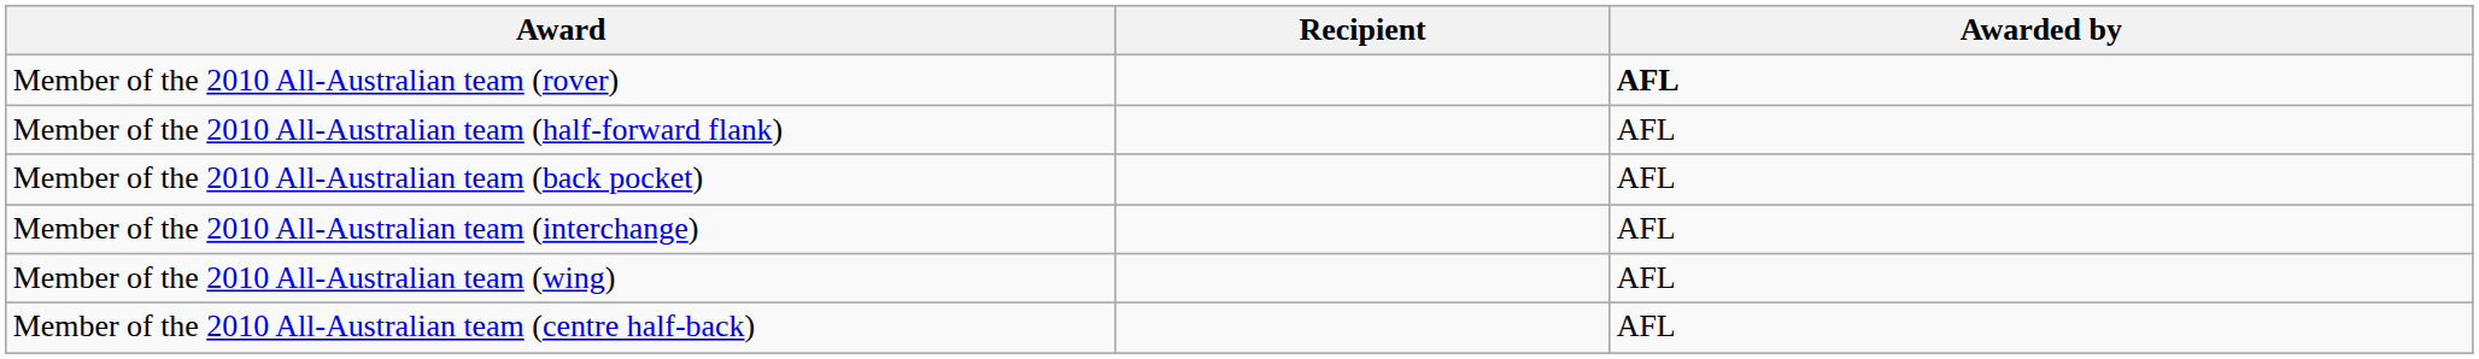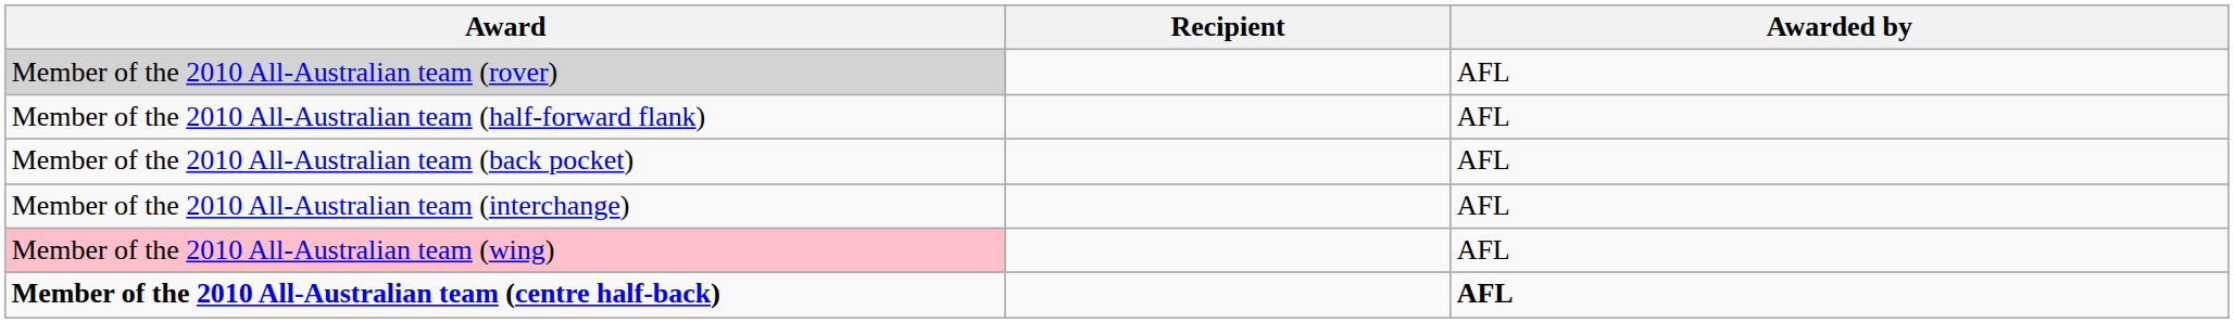 <table class="wikitable sortable" style="width:100%;">
 <tr style="background:#efefef;">
 <th style="width:45%;">Award</th>
 <th style="width:20%;">Recipient</th>
 <th style="width:35%;">Awarded by</th>
 </tr>
 <tr>
-<td>Member of the <a href='#'>2010 All-Australian team</a> (<a href='#'>rover</a>)</td>
+<td style="background: lightgrey;">Member of the <a href='#'>2010 All-Australian team</a> (<a href='#'>rover</a>)</td>
 <td></td>
-<td><strong>AFL</strong></td>
+<td>AFL</td>
 </tr>
 <tr>
 <td>Member of the <a href='#'>2010 All-Australian team</a> (<a href='#'>half-forward flank</a>)</td>
 <td></td>
 <td>AFL</td>
 </tr>
 <tr>
 <td>Member of the <a href='#'>2010 All-Australian team</a> (<a href='#'>back pocket</a>)</td>
 <td></td>
 <td>AFL</td>
 </tr>
 <tr>
 <td>Member of the <a href='#'>2010 All-Australian team</a> (<a href='#'>interchange</a>)</td>
 <td></td>
 <td>AFL</td>
 </tr>
 <tr>
-<td>Member of the <a href='#'>2010 All-Australian team</a> (<a href='#'>wing</a>)</td>
+<td style="background: pink;">Member of the <a href='#'>2010 All-Australian team</a> (<a href='#'>wing</a>)</td>
 <td></td>
 <td>AFL</td>
 </tr>
 <tr>
-<td>Member of the <a href='#'>2010 All-Australian team</a> (<a href='#'>centre half-back</a>)</td>
+<td><strong>Member of the <a href='#'>2010 All-Australian team</a> (<a href='#'>centre half-back</a>)</strong></td>
 <td></td>
-<td>AFL</td>
+<td><strong>AFL</strong></td>
 </tr>
 </table>
